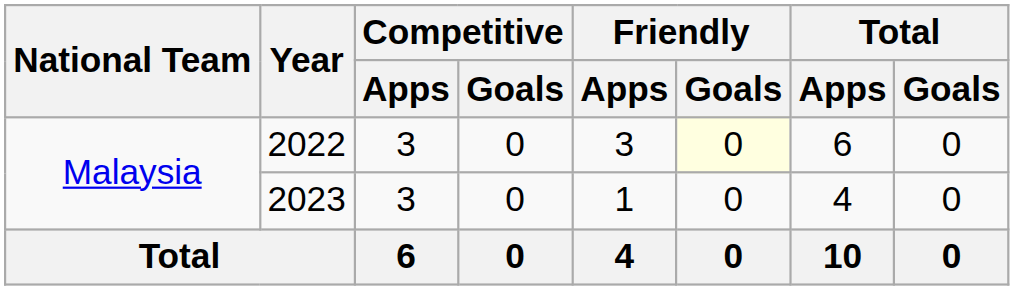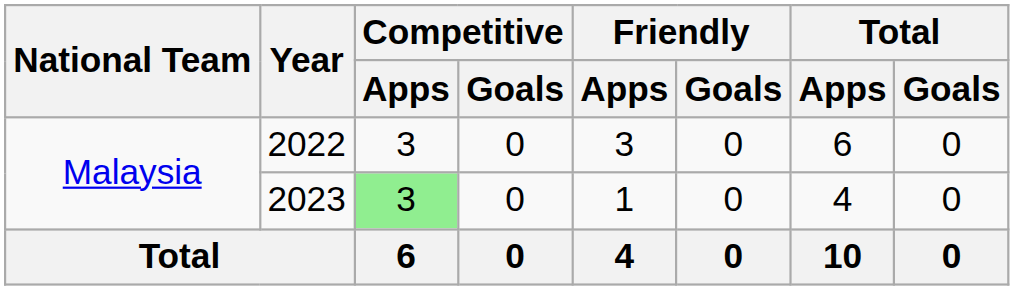 <table class="wikitable" style="text-align: center;">
 <tr>
 <th rowspan="2">National Team</th>
 <th rowspan="2">Year</th>
 <th colspan="2">Competitive</th>
 <th colspan="2">Friendly</th>
 <th colspan="2">Total</th>
 </tr>
 <tr>
 <th>Apps</th>
 <th>Goals</th>
 <th>Apps</th>
 <th>Goals</th>
 <th>Apps</th>
 <th>Goals</th>
 </tr>
 <tr>
 <td rowspan="2"><a href='#'>Malaysia</a></td>
 <td>2022</td>
 <td>3</td>
 <td>0</td>
 <td>3</td>
-<td style="background: lightyellow;">0</td>
+<td>0</td>
 <td>6</td>
 <td>0</td>
 </tr>
 <tr>
 <td>2023</td>
-<td>3</td>
+<td style="background: lightgreen;">3</td>
 <td>0</td>
 <td>1</td>
 <td>0</td>
 <td>4</td>
 <td>0</td>
 </tr>
 <tr>
 <th colspan="2">Total</th>
 <th>6</th>
 <th>0</th>
 <th>4</th>
 <th>0</th>
 <th>10</th>
 <th>0</th>
 </tr>
 </table>
